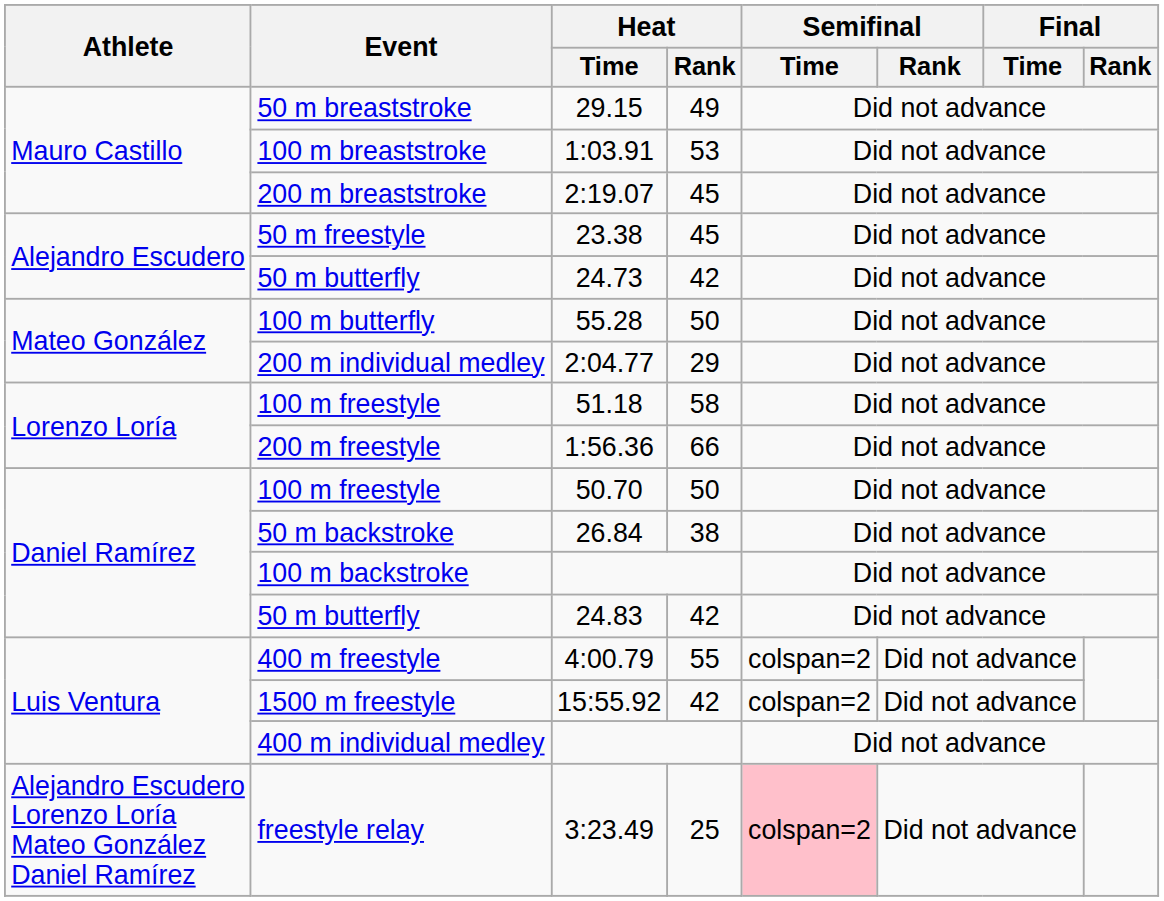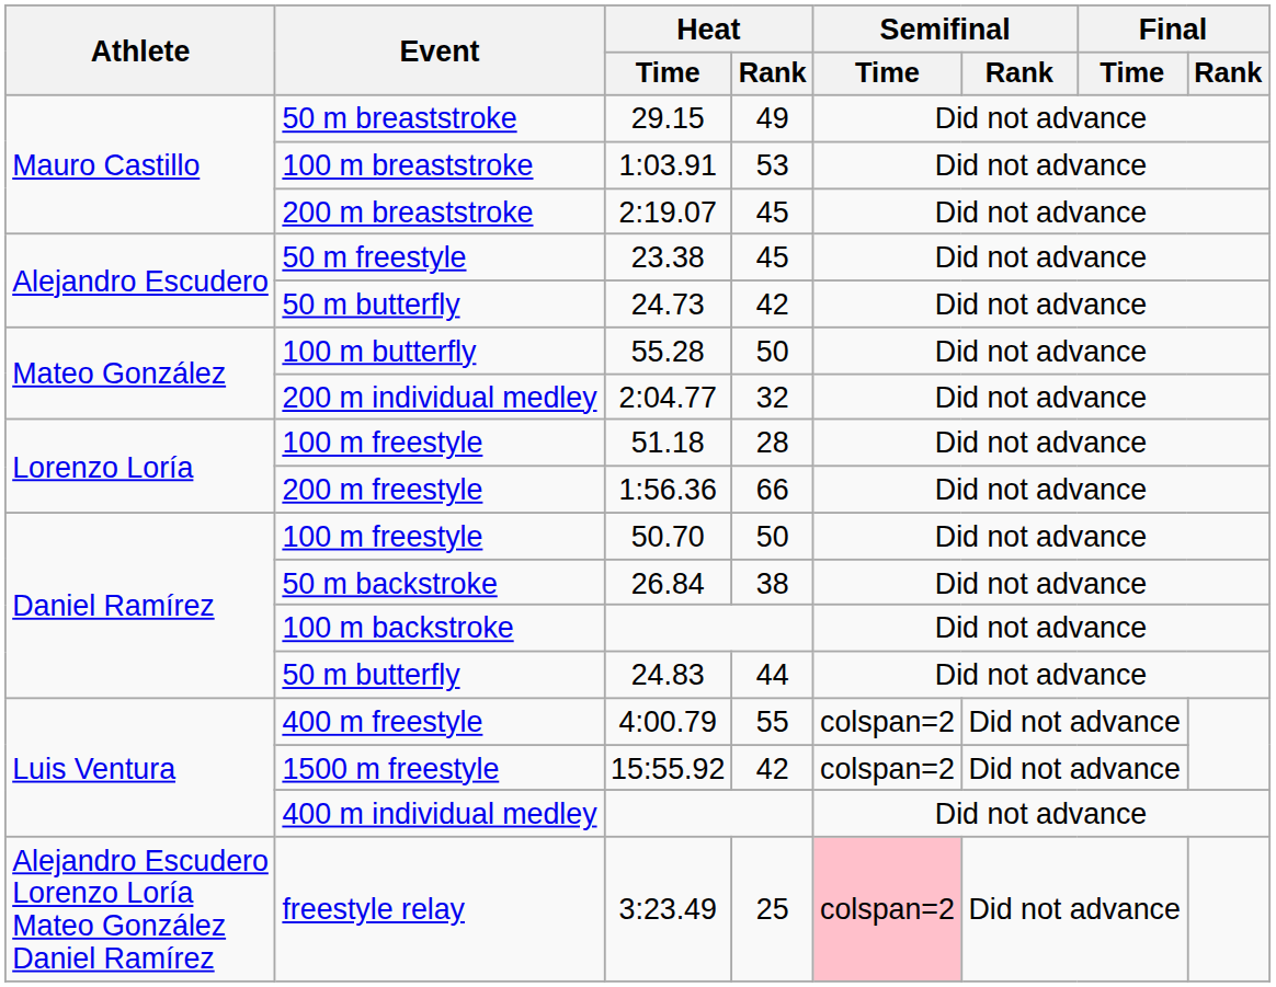 <table class=wikitable style="font-size:90%">
 <tr>
 <th rowspan="2">Athlete</th>
 <th rowspan="2">Event</th>
 <th colspan="2">Heat</th>
 <th colspan="2">Semifinal</th>
 <th colspan="2">Final</th>
 </tr>
 <tr style="font-size:95%">
 <th>Time</th>
 <th>Rank</th>
 <th>Time</th>
 <th>Rank</th>
 <th>Time</th>
 <th>Rank</th>
 </tr>
 <tr align=center>
 <td align=left rowspan=3><a href='#'>Mauro Castillo</a></td>
 <td align=left><a href='#'>50 m breaststroke</a></td>
 <td>29.15</td>
 <td>49</td>
 <td colspan=4>Did not advance</td>
 </tr>
 <tr align=center>
 <td align=left><a href='#'>100 m breaststroke</a></td>
 <td>1:03.91</td>
 <td>53</td>
 <td colspan=4>Did not advance</td>
 </tr>
 <tr align=center>
 <td align=left><a href='#'>200 m breaststroke</a></td>
 <td>2:19.07</td>
 <td>45</td>
 <td colspan=4>Did not advance</td>
 </tr>
 <tr align=center>
 <td align=left rowspan=2><a href='#'>Alejandro Escudero</a></td>
 <td align=left><a href='#'>50 m freestyle</a></td>
 <td>23.38</td>
 <td>45</td>
 <td colspan=4>Did not advance</td>
 </tr>
 <tr align=center>
 <td align=left><a href='#'>50 m butterfly</a></td>
 <td>24.73</td>
 <td>42</td>
 <td colspan=4>Did not advance</td>
 </tr>
 <tr align=center>
 <td align=left rowspan=2><a href='#'>Mateo González</a></td>
 <td align=left><a href='#'>100 m butterfly</a></td>
 <td>55.28</td>
 <td>50</td>
 <td colspan=4>Did not advance</td>
 </tr>
 <tr align=center>
 <td align=left><a href='#'>200 m individual medley</a></td>
 <td>2:04.77</td>
-<td>29</td>
+<td>32</td>
 <td colspan=4>Did not advance</td>
 </tr>
 <tr align=center>
 <td align=left rowspan=2><a href='#'>Lorenzo Loría</a></td>
 <td align=left><a href='#'>100 m freestyle</a></td>
 <td>51.18</td>
-<td>58</td>
+<td>28</td>
 <td colspan=4>Did not advance</td>
 </tr>
 <tr align=center>
 <td align=left><a href='#'>200 m freestyle</a></td>
 <td>1:56.36</td>
 <td>66</td>
 <td colspan=4>Did not advance</td>
 </tr>
 <tr align=center>
 <td align=left rowspan=4><a href='#'>Daniel Ramírez</a></td>
 <td align=left><a href='#'>100 m freestyle</a></td>
 <td>50.70</td>
 <td>50</td>
 <td colspan=4>Did not advance</td>
 </tr>
 <tr align=center>
 <td align=left><a href='#'>50 m backstroke</a></td>
 <td>26.84</td>
 <td>38</td>
 <td colspan=4>Did not advance</td>
 </tr>
 <tr align=center>
 <td align=left><a href='#'>100 m backstroke</a></td>
 <td colspan=2></td>
 <td colspan=4>Did not advance</td>
 </tr>
 <tr align=center>
 <td align=left><a href='#'>50 m butterfly</a></td>
 <td>24.83</td>
-<td>42</td>
+<td>44</td>
 <td colspan=4>Did not advance</td>
 </tr>
 <tr align=center>
 <td align=left rowspan=3><a href='#'>Luis Ventura</a></td>
 <td align=left><a href='#'>400 m freestyle</a></td>
 <td>4:00.79</td>
 <td>55</td>
 <td>colspan=2 </td>
 <td colspan=2>Did not advance</td>
 </tr>
 <tr align=center>
 <td align=left><a href='#'>1500 m freestyle</a></td>
 <td>15:55.92</td>
 <td>42</td>
 <td>colspan=2 </td>
 <td colspan=2>Did not advance</td>
 </tr>
 <tr align=center>
 <td align=left><a href='#'>400 m individual medley</a></td>
 <td colspan=2></td>
 <td colspan=4>Did not advance</td>
 </tr>
 <tr align=center>
 <td align=left><a href='#'>Alejandro Escudero</a><br><a href='#'>Lorenzo Loría</a><br><a href='#'>Mateo González</a><br><a href='#'>Daniel Ramírez</a></td>
 <td align=left><a href='#'> freestyle relay</a></td>
 <td>3:23.49</td>
 <td>25</td>
 <td style="background: pink;">colspan=2 </td>
 <td colspan=2>Did not advance</td>
 </tr>
 </table>
